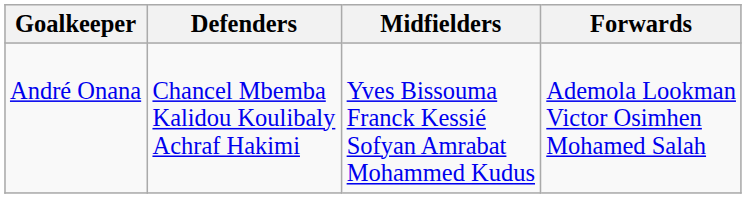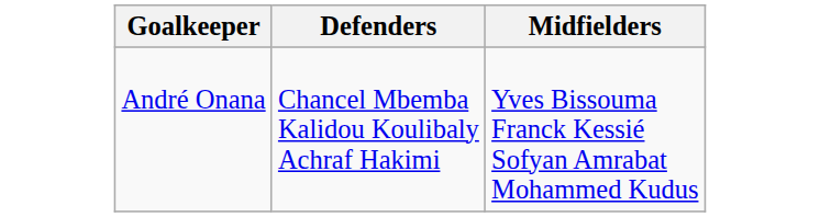 <table class="wikitable" style="margin:0 auto">
 <tr>
 <th>Goalkeeper</th>
 <th>Defenders</th>
 <th>Midfielders</th>
-<th>Forwards</th>
 </tr>
 <tr>
 <td align="left" valign="top"><br> <a href='#'>André Onana</a></td>
 <td align="left" valign="top"><br> <a href='#'>Chancel Mbemba</a><br>  <a href='#'>Kalidou Koulibaly</a><br>  <a href='#'>Achraf Hakimi</a></td>
 <td align="left" valign="top"><br> <a href='#'>Yves Bissouma</a><br>  <a href='#'>Franck Kessié</a><br>  <a href='#'>Sofyan Amrabat</a><br>  <a href='#'>Mohammed Kudus</a><br></td>
-<td align="left" valign="top"><br> <a href='#'>Ademola Lookman</a><br>  <a href='#'>Victor Osimhen</a><br>  <a href='#'>Mohamed Salah</a></td>
 </tr>
 </table>
